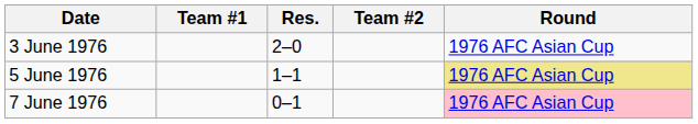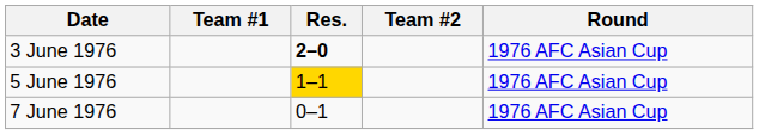 <table class="wikitable" style="text-align: left;" width="70%">
 <tr>
 <th>Date</th>
 <th>Team #1</th>
 <th>Res.</th>
 <th>Team #2</th>
 <th>Round</th>
 </tr>
 <tr>
 <td>3 June 1976</td>
 <td></td>
-<td>2–0</td>
+<td><strong>2–0</strong></td>
 <td></td>
 <td><a href='#'>1976 AFC Asian Cup</a></td>
 </tr>
 <tr>
 <td>5 June 1976</td>
 <td></td>
-<td>1–1</td>
+<td style="background: gold;">1–1</td>
 <td></td>
-<td style="background: khaki;"><a href='#'>1976 AFC Asian Cup</a></td>
+<td><a href='#'>1976 AFC Asian Cup</a></td>
 </tr>
 <tr>
 <td>7 June 1976</td>
 <td></td>
 <td>0–1</td>
 <td></td>
-<td style="background: pink;"><a href='#'>1976 AFC Asian Cup</a></td>
+<td><a href='#'>1976 AFC Asian Cup</a></td>
 </tr>
 <tr>
 </tr>
 </table>
